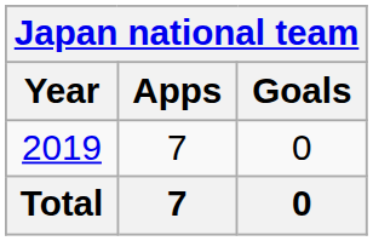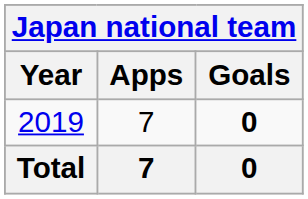 <table class="wikitable" style="text-align:center">
 <tr>
 <th colspan="3"><a href='#'>Japan national team</a></th>
 </tr>
 <tr>
 <th>Year</th>
 <th>Apps</th>
 <th>Goals</th>
 </tr>
 <tr>
 <td><a href='#'>2019</a></td>
 <td>7</td>
-<td>0</td>
+<td><strong>0</strong></td>
 </tr>
 <tr>
 <th>Total</th>
 <th>7</th>
 <th>0</th>
 </tr>
 </table>
